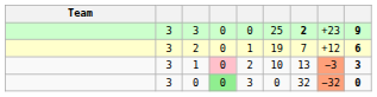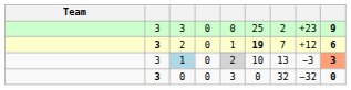 <table class="wikitable" style="text-align: center; font-size: 90%;">
 <tr>
 <th width=165>Team</th>
 <th width=25></th>
 <th width=25></th>
 <th width=25></th>
 <th width=25></th>
 <th width=25></th>
 <th width=25></th>
 <th width=25></th>
 <th width=25></th>
 </tr>
 <tr style="background:#ccffcc">
 <td style="text-align:left;"></td>
 <td>3</td>
 <td>3</td>
 <td>0</td>
 <td>0</td>
 <td>25</td>
-<td><strong>2</strong></td>
+<td>2</td>
 <td>+23</td>
 <td><strong>9</strong></td>
 </tr>
 <tr style="background:#ffffcc">
 <td style="text-align:left;"></td>
-<td>3</td>
+<td><strong>3</strong></td>
 <td>2</td>
 <td>0</td>
 <td>1</td>
-<td>19</td>
+<td><strong>19</strong></td>
 <td>7</td>
 <td>+12</td>
 <td><strong>6</strong></td>
 </tr>
 <tr>
 <td style="text-align:left;"></td>
 <td>3</td>
-<td>1</td>
-<td style="background: pink;">0</td>
-<td>2</td>
+<td style="background: lightblue;">1</td>
+<td>0</td>
+<td style="background: lightgrey;">2</td>
 <td>10</td>
 <td>13</td>
-<td style="background: lightsalmon;">−3</td>
-<td><strong>3</strong></td>
+<td>−3</td>
+<td style="background: lightsalmon;"><strong>3</strong></td>
 </tr>
 <tr>
 <td style="text-align:left;"></td>
-<td>3</td>
+<td><strong>3</strong></td>
 <td>0</td>
-<td style="background: lightgreen;">0</td>
+<td>0</td>
 <td>3</td>
 <td>0</td>
 <td>32</td>
-<td style="background: lightsalmon;">−32</td>
+<td>−32</td>
 <td><strong>0</strong></td>
 </tr>
 </table>
